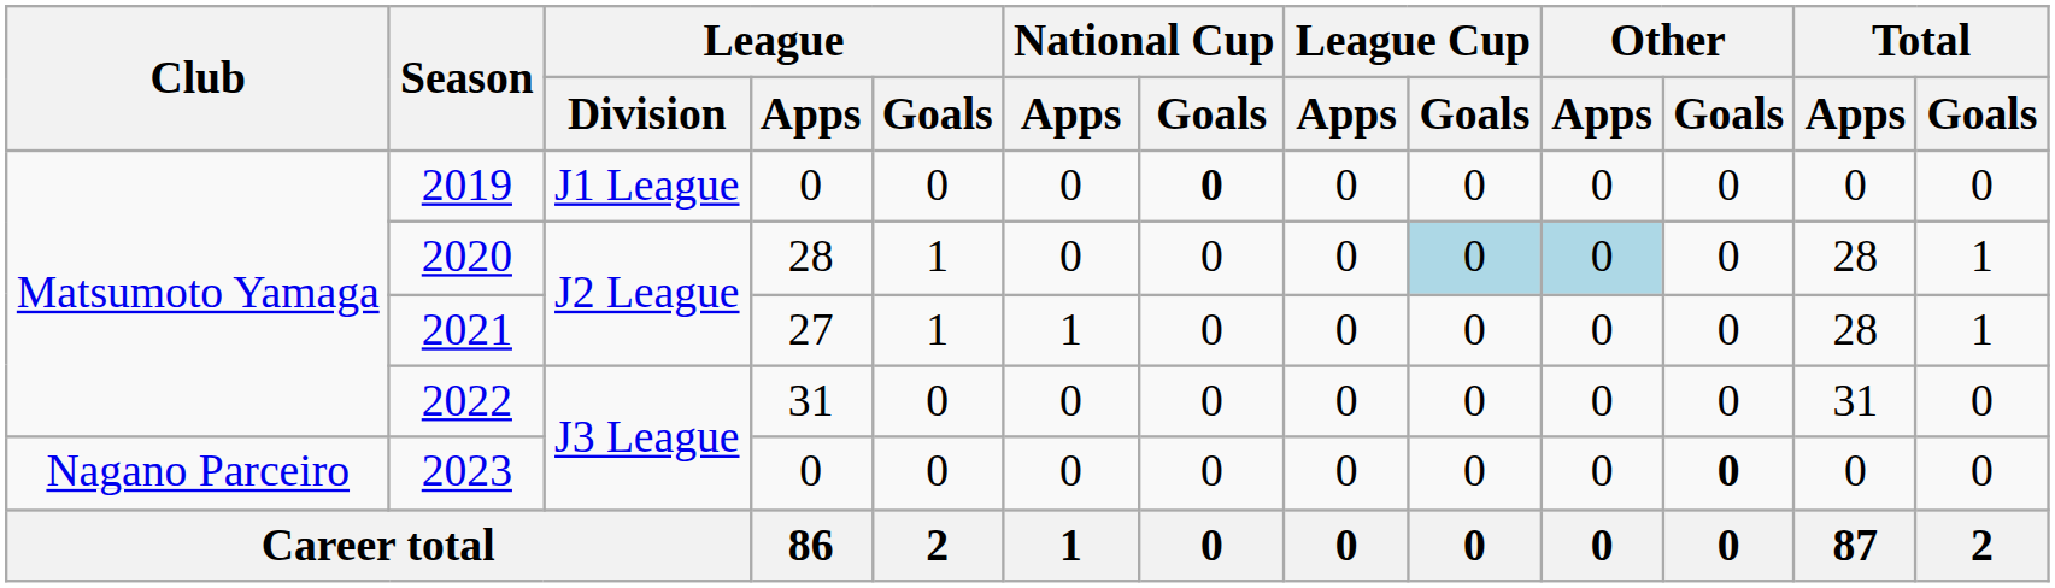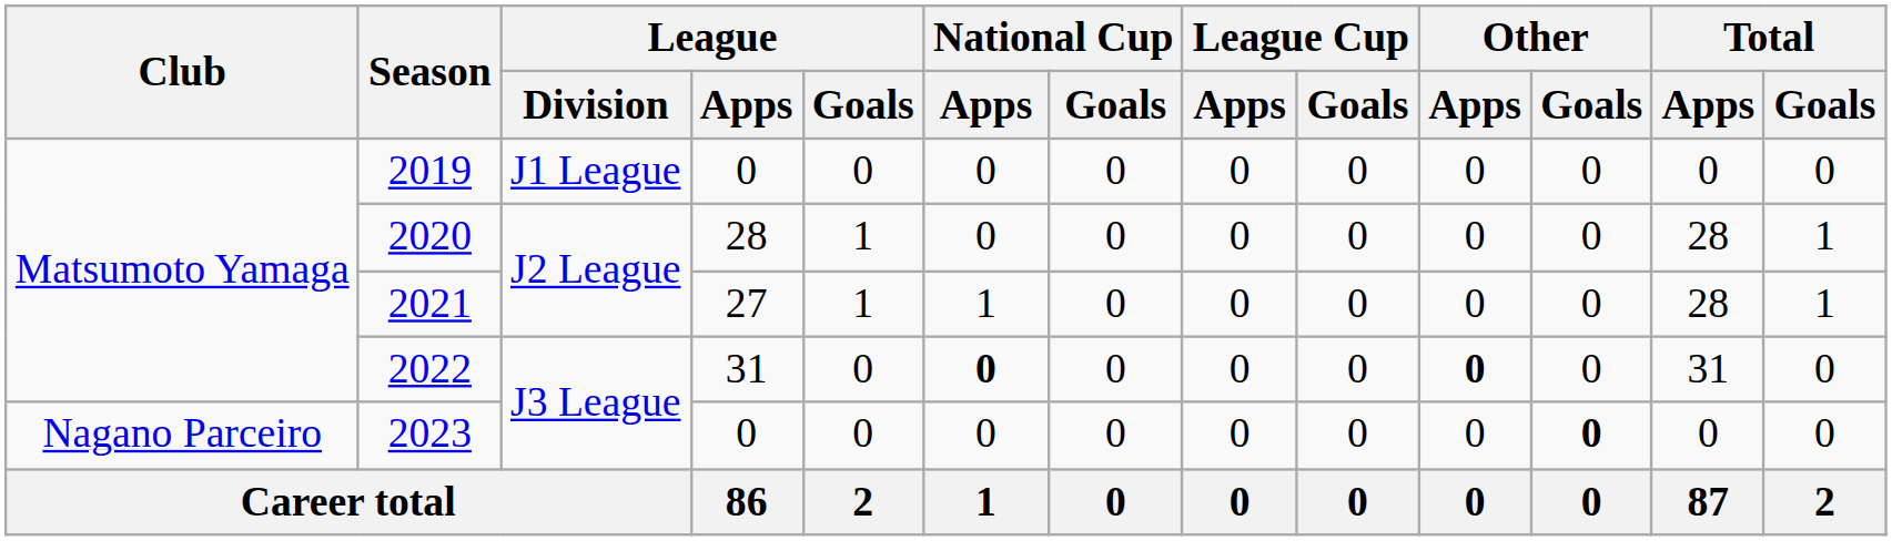 <table class="wikitable" style="text-align: center">
 <tr>
 <th rowspan="2">Club</th>
 <th rowspan="2">Season</th>
 <th colspan="3">League</th>
 <th colspan="2">National Cup</th>
 <th colspan="2">League Cup</th>
 <th colspan="2">Other</th>
 <th colspan="2">Total</th>
 </tr>
 <tr>
 <th>Division</th>
 <th>Apps</th>
 <th>Goals</th>
 <th>Apps</th>
 <th>Goals</th>
 <th>Apps</th>
 <th>Goals</th>
 <th>Apps</th>
 <th>Goals</th>
 <th>Apps</th>
 <th>Goals</th>
 </tr>
 <tr>
 <td rowspan="4"><a href='#'>Matsumoto Yamaga</a></td>
 <td><a href='#'>2019</a></td>
 <td><a href='#'>J1 League</a></td>
 <td>0</td>
 <td>0</td>
 <td>0</td>
-<td><strong>0</strong></td>
+<td>0</td>
 <td>0</td>
 <td>0</td>
 <td>0</td>
 <td>0</td>
 <td>0</td>
 <td>0</td>
 </tr>
 <tr>
 <td><a href='#'>2020</a></td>
 <td rowspan="2"><a href='#'>J2 League</a></td>
 <td>28</td>
 <td>1</td>
 <td>0</td>
 <td>0</td>
 <td>0</td>
-<td style="background: lightblue;">0</td>
-<td style="background: lightblue;">0</td>
+<td>0</td>
+<td>0</td>
 <td>0</td>
 <td>28</td>
 <td>1</td>
 </tr>
 <tr>
 <td><a href='#'>2021</a></td>
 <td>27</td>
 <td>1</td>
 <td>1</td>
 <td>0</td>
 <td>0</td>
 <td>0</td>
 <td>0</td>
 <td>0</td>
 <td>28</td>
 <td>1</td>
 </tr>
 <tr>
 <td><a href='#'>2022</a></td>
 <td rowspan="2"><a href='#'>J3 League</a></td>
 <td>31</td>
 <td>0</td>
+<td><strong>0</strong></td>
 <td>0</td>
 <td>0</td>
 <td>0</td>
-<td>0</td>
-<td>0</td>
+<td><strong>0</strong></td>
 <td>0</td>
 <td>31</td>
 <td>0</td>
 </tr>
 <tr>
 <td><a href='#'>Nagano Parceiro</a></td>
 <td><a href='#'>2023</a></td>
 <td>0</td>
 <td>0</td>
 <td>0</td>
 <td>0</td>
 <td>0</td>
 <td>0</td>
 <td>0</td>
 <td><strong>0</strong></td>
 <td>0</td>
 <td>0</td>
 </tr>
 <tr>
 <th colspan=3>Career total</th>
 <th>86</th>
 <th>2</th>
 <th>1</th>
 <th>0</th>
 <th>0</th>
 <th>0</th>
 <th>0</th>
 <th>0</th>
 <th>87</th>
 <th>2</th>
 </tr>
 </table>
